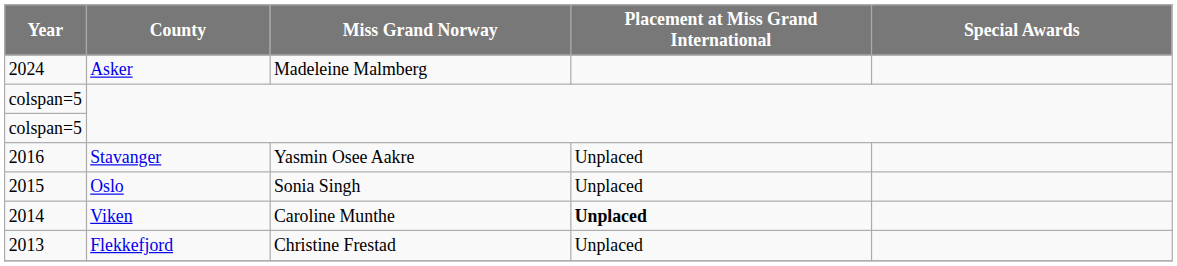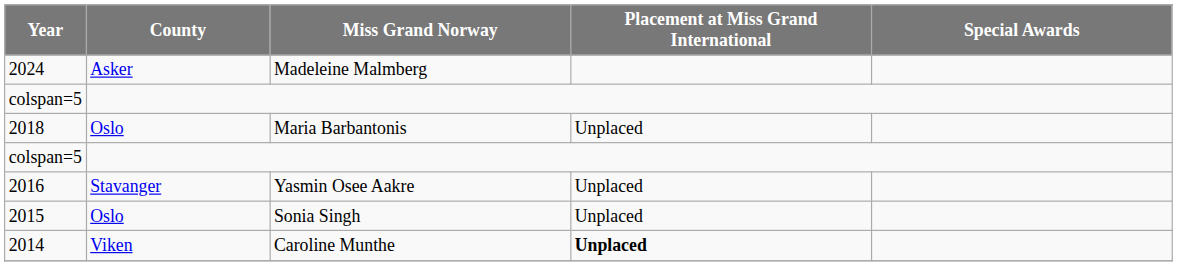 <table class="wikitable " style="font-size: 95%;">
 <tr>
 <th width="60" style="background-color:#787878;color:#FFFFFF;">Year</th>
 <th width="150" style="background-color:#787878;color:#FFFFFF;">County</th>
 <th width="250" style="background-color:#787878;color:#FFFFFF;">Miss Grand Norway</th>
 <th width="250" style="background-color:#787878;color:#FFFFFF;">Placement at Miss Grand International</th>
 <th width="250" style="background-color:#787878;color:#FFFFFF;">Special Awards</th>
 </tr>
 <tr>
 <td>2024</td>
 <td><a href='#'>Asker</a></td>
 <td>Madeleine Malmberg</td>
 <td></td>
 <td></td>
 </tr>
 <tr>
 <td>colspan=5 </td>
+</tr>
+<tr>
+<td>2018</td>
+<td><a href='#'>Oslo</a></td>
+<td>Maria Barbantonis</td>
+<td>Unplaced</td>
+<td></td>
 </tr>
 <tr>
 <td>colspan=5 </td>
 </tr>
 <tr>
 <td>2016</td>
 <td><a href='#'>Stavanger</a></td>
 <td>Yasmin Osee Aakre</td>
 <td>Unplaced</td>
 <td></td>
 </tr>
 <tr>
 <td>2015</td>
 <td><a href='#'>Oslo</a></td>
 <td>Sonia Singh</td>
 <td>Unplaced</td>
 <td></td>
 </tr>
 <tr>
 <td>2014</td>
 <td><a href='#'>Viken</a></td>
 <td>Caroline Munthe</td>
 <td><strong>Unplaced</strong></td>
 <td></td>
 </tr>
 <tr>
-<td>2013</td>
-<td><a href='#'>Flekkefjord</a></td>
-<td>Christine Frestad</td>
-<td>Unplaced</td>
-<td></td>
-</tr>
-<tr>
 </tr>
 </table>
